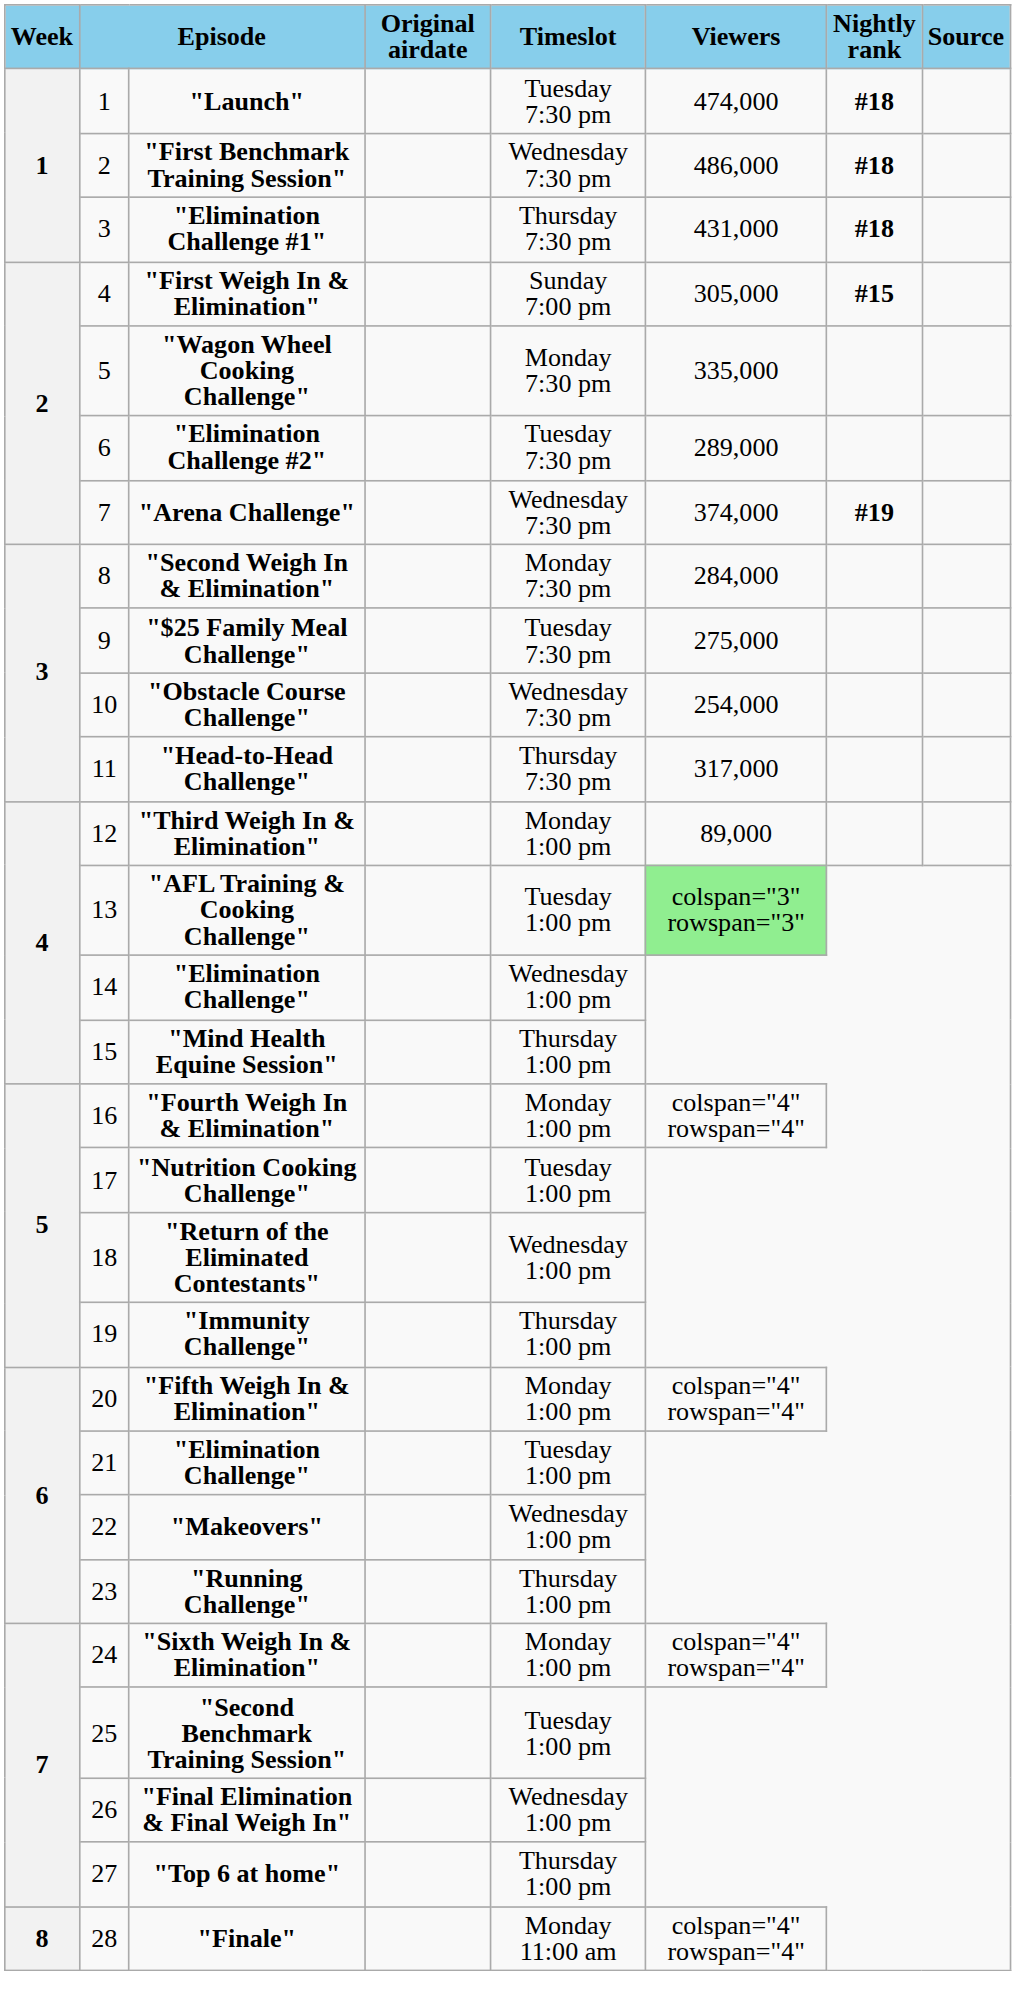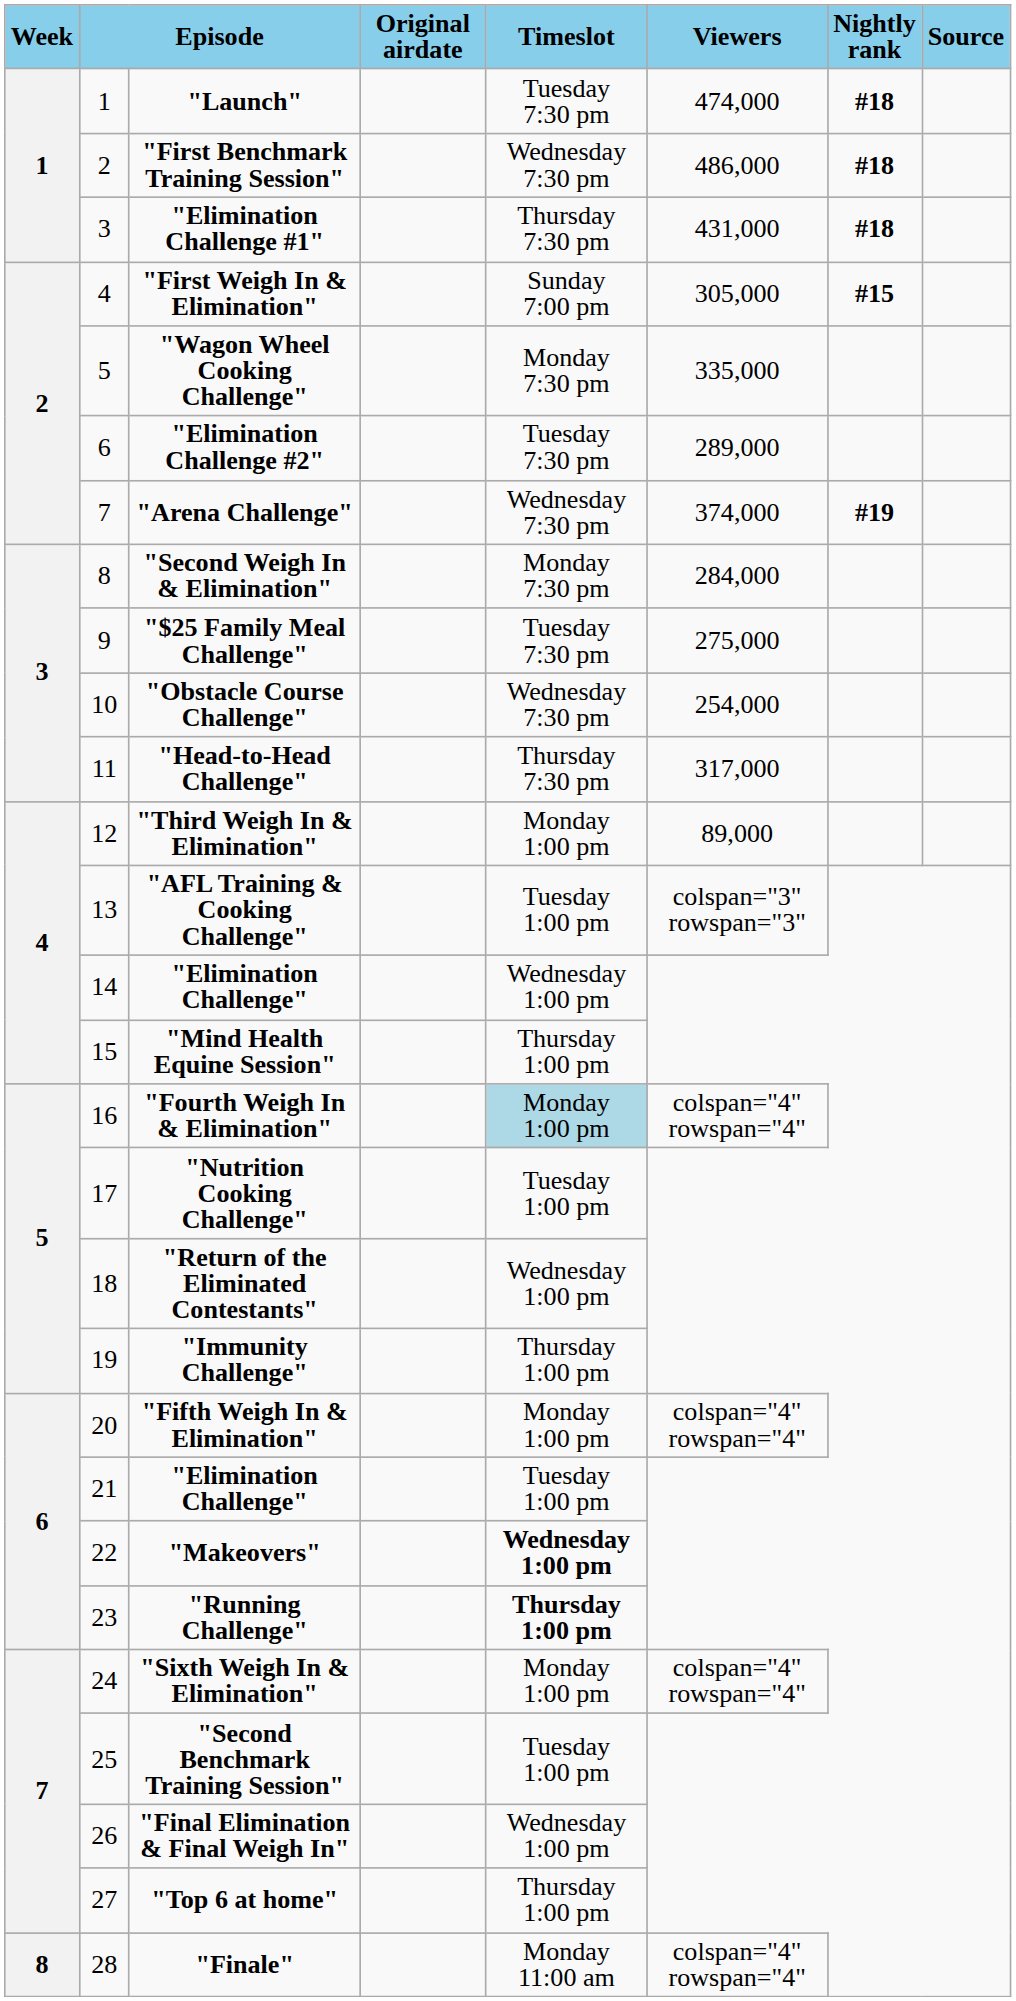 <table class="wikitable plainrowheaders" style="text-align:center; line-height:16px; width:99%;">
 <tr>
 <th scope="col" style="background:skyblue; color:black;">Week</th>
 <th scope="col" style="background:skyblue; color:black;" colspan="2">Episode</th>
 <th scope="col" style="background:skyblue; color:black;">Original airdate</th>
 <th scope="col" style="background:skyblue; color:black;">Timeslot</th>
 <th scope="col" style="background:skyblue; color:black;">Viewers</th>
 <th scope="col" style="background:skyblue; color:black;">Nightly<br>rank</th>
 <th scope="col" style="background:skyblue; color:black;">Source</th>
 </tr>
 <tr>
 <th style="width:05%;" rowspan="3">1</th>
 <td style="width:05%;">1</td>
 <td scope="row" style="text-align:center"><strong>"Launch"</strong></td>
 <td></td>
 <td>Tuesday 7:30 pm</td>
 <td>474,000</td>
 <td><strong>#18</strong></td>
 <td></td>
 </tr>
 <tr>
 <td style="width:05%;">2</td>
 <td scope="row" style="text-align:center"><strong>"First Benchmark Training Session"</strong></td>
 <td></td>
 <td>Wednesday 7:30 pm</td>
 <td>486,000</td>
 <td><strong>#18</strong></td>
 <td></td>
 </tr>
 <tr>
 <td style="width:05%;">3</td>
 <td scope="row" style="text-align:center"><strong>"Elimination Challenge #1"</strong></td>
 <td></td>
 <td>Thursday 7:30 pm</td>
 <td>431,000</td>
 <td><strong>#18</strong></td>
 <td></td>
 </tr>
 <tr>
 <th style="width:05%;" rowspan="4">2</th>
 <td style="width:05%;">4</td>
 <td scope="row" style="text-align:center"><strong>"First Weigh In & Elimination"</strong></td>
 <td></td>
 <td>Sunday 7:00 pm</td>
 <td>305,000</td>
 <td><strong>#15</strong></td>
 <td></td>
 </tr>
 <tr>
 <td style="width:05%;">5</td>
 <td scope="row" style="text-align:center"><strong>"Wagon Wheel Cooking Challenge"</strong></td>
 <td></td>
 <td>Monday 7:30 pm</td>
 <td>335,000</td>
 <td></td>
 <td></td>
 </tr>
 <tr>
 <td style="width:05%;">6</td>
 <td scope="row" style="text-align:center"><strong>"Elimination Challenge #2"</strong></td>
 <td></td>
 <td>Tuesday 7:30 pm</td>
 <td>289,000</td>
 <td></td>
 <td></td>
 </tr>
 <tr>
 <td style="width:05%;">7</td>
 <td scope="row" style="text-align:center"><strong>"Arena Challenge"</strong></td>
 <td></td>
 <td>Wednesday 7:30 pm</td>
 <td>374,000</td>
 <td><strong>#19</strong></td>
 <td></td>
 </tr>
 <tr>
 <th style="width:05%;" rowspan="4">3</th>
 <td style="width:05%;">8</td>
 <td scope="row" style="text-align:center"><strong>"Second Weigh In & Elimination"</strong></td>
 <td></td>
 <td>Monday 7:30 pm</td>
 <td>284,000</td>
 <td></td>
 <td></td>
 </tr>
 <tr>
 <td style="width:05%;">9</td>
 <td scope="row" style="text-align:center"><strong>"$25 Family Meal Challenge"</strong></td>
 <td></td>
 <td>Tuesday 7:30 pm</td>
 <td>275,000</td>
 <td></td>
 <td></td>
 </tr>
 <tr>
 <td style="width:05%;">10</td>
 <td scope="row" style="text-align:center"><strong>"Obstacle Course Challenge"</strong></td>
 <td></td>
 <td>Wednesday 7:30 pm</td>
 <td>254,000</td>
 <td></td>
 <td></td>
 </tr>
 <tr>
 <td style="width:05%;">11</td>
 <td scope="row" style="text-align:center"><strong>"Head-to-Head Challenge"</strong></td>
 <td></td>
 <td>Thursday 7:30 pm</td>
 <td>317,000</td>
 <td></td>
 <td></td>
 </tr>
 <tr>
 <th style="width:05%;" rowspan="4">4</th>
 <td style="width:05%;">12</td>
 <td scope="row" style="text-align:center"><strong>"Third Weigh In & Elimination"</strong></td>
 <td></td>
 <td>Monday 1:00 pm</td>
 <td>89,000</td>
 <td></td>
 <td></td>
 </tr>
 <tr>
 <td style="width:05%;">13</td>
 <td scope="row" style="text-align:center"><strong>"AFL Training & Cooking Challenge"</strong></td>
 <td></td>
 <td>Tuesday 1:00 pm</td>
-<td style="background: lightgreen;">colspan="3" rowspan="3" </td>
+<td>colspan="3" rowspan="3" </td>
 </tr>
 <tr>
 <td style="width:05%;">14</td>
 <td scope="row" style="text-align:center"><strong>"Elimination Challenge"</strong></td>
 <td></td>
 <td>Wednesday 1:00 pm</td>
 </tr>
 <tr>
 <td style="width:05%;">15</td>
 <td scope="row" style="text-align:center"><strong>"Mind Health Equine Session"</strong></td>
 <td></td>
 <td>Thursday 1:00 pm</td>
 </tr>
 <tr>
 <th style="width:05%;" rowspan="4">5</th>
 <td style="width:05%;">16</td>
 <td scope="row" style="text-align:center"><strong>"Fourth Weigh In & Elimination"</strong></td>
 <td></td>
-<td>Monday 1:00 pm</td>
+<td style="background: lightblue;">Monday 1:00 pm</td>
 <td>colspan="4" rowspan="4" </td>
 </tr>
 <tr>
 <td style="width:05%;">17</td>
 <td scope="row" style="text-align:center"><strong>"Nutrition Cooking Challenge"</strong></td>
 <td></td>
 <td>Tuesday 1:00 pm</td>
 </tr>
 <tr>
 <td style="width:05%;">18</td>
 <td scope="row" style="text-align:center"><strong>"Return of the Eliminated Contestants"</strong></td>
 <td></td>
 <td>Wednesday 1:00 pm</td>
 </tr>
 <tr>
 <td style="width:05%;">19</td>
 <td scope="row" style="text-align:center"><strong>"Immunity Challenge"</strong></td>
 <td></td>
 <td>Thursday 1:00 pm</td>
 </tr>
 <tr>
 <th style="width:05%;" rowspan="4">6</th>
 <td style="width:05%;">20</td>
 <td scope="row" style="text-align:center"><strong>"Fifth Weigh In & Elimination"</strong></td>
 <td></td>
 <td>Monday 1:00 pm</td>
 <td>colspan="4" rowspan="4" </td>
 </tr>
 <tr>
 <td style="width:05%;">21</td>
 <td scope="row" style="text-align:center"><strong>"Elimination Challenge"</strong></td>
 <td></td>
 <td>Tuesday 1:00 pm</td>
 </tr>
 <tr>
 <td style="width:05%;">22</td>
 <td scope="row" style="text-align:center"><strong>"Makeovers"</strong></td>
 <td></td>
-<td>Wednesday 1:00 pm</td>
+<td><strong>Wednesday 1:00 pm</strong></td>
 </tr>
 <tr>
 <td style="width:05%;">23</td>
 <td scope="row" style="text-align:center"><strong>"Running Challenge"</strong></td>
 <td></td>
-<td>Thursday 1:00 pm</td>
+<td><strong>Thursday 1:00 pm</strong></td>
 </tr>
 <tr>
 <th style="width:05%;" rowspan="4">7</th>
 <td style="width:05%;">24</td>
 <td scope="row" style="text-align:center"><strong>"Sixth Weigh In & Elimination"</strong></td>
 <td></td>
 <td>Monday 1:00 pm</td>
 <td>colspan="4" rowspan="4" </td>
 </tr>
 <tr>
 <td style="width:05%;">25</td>
 <td scope="row" style="text-align:center"><strong>"Second Benchmark Training Session"</strong></td>
 <td></td>
 <td>Tuesday 1:00 pm</td>
 </tr>
 <tr>
 <td style="width:05%;">26</td>
 <td scope="row" style="text-align:center"><strong>"Final Elimination & Final Weigh In"</strong></td>
 <td></td>
 <td>Wednesday 1:00 pm</td>
 </tr>
 <tr>
 <td style="width:05%;">27</td>
 <td scope="row" style="text-align:center"><strong>"Top 6 at home"</strong></td>
 <td></td>
 <td>Thursday 1:00 pm</td>
 </tr>
 <tr>
 <th style="width:05%;" rowspan="1">8</th>
 <td style="width:05%;">28</td>
 <td scope="row" style="text-align:center"><strong>"Finale"</strong></td>
 <td></td>
 <td>Monday 11:00 am</td>
 <td>colspan="4" rowspan="4" </td>
 </tr>
 <tr>
 </tr>
 </table>
